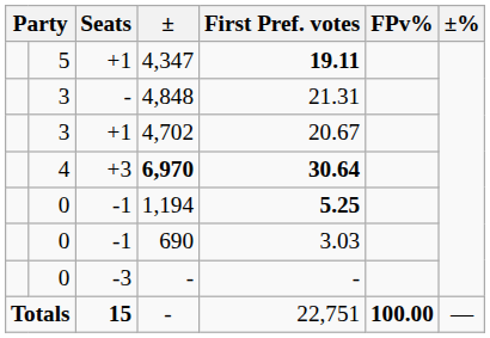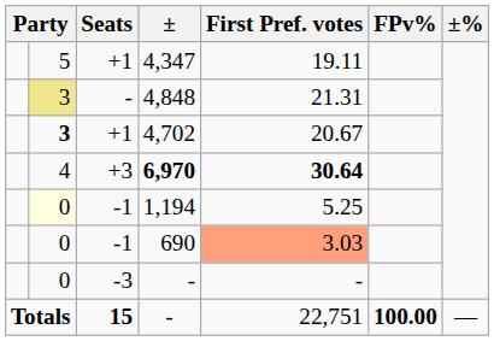 <table class=wikitable>
 <tr>
 <th colspan=2 align=center>Party</th>
 <th valign=top>Seats</th>
 <th valign=top>±</th>
 <th valign=top>First Pref. votes</th>
 <th valign=top>FPv%</th>
 <th valign=top>±%</th>
 </tr>
 <tr>
 <td></td>
 <td align=right>5</td>
 <td align=right>+1</td>
 <td align=right>4,347</td>
-<td align=right><strong>19.11</strong></td>
+<td align=right>19.11</td>
 <td align=right></td>
 </tr>
 <tr>
 <td></td>
-<td align=right>3</td>
+<td align=right style="background: khaki;">3</td>
 <td align=right>-</td>
 <td align=right>4,848</td>
 <td align=right>21.31</td>
 <td align=right></td>
 </tr>
 <tr>
 <td></td>
-<td align=right>3</td>
+<td align=right><strong>3</strong></td>
 <td align=right>+1</td>
 <td align=right>4,702</td>
 <td align=right>20.67</td>
 <td align=right></td>
 </tr>
 <tr>
 <td></td>
 <td align=right>4</td>
 <td align=right>+3</td>
 <td align=right><strong>6,970</strong></td>
 <td align=right><strong>30.64</strong></td>
 <td align=right></td>
 </tr>
 <tr>
 <td></td>
-<td align=right>0</td>
+<td align=right style="background: lightyellow;">0</td>
 <td align=right>-1</td>
 <td align=right>1,194</td>
-<td align=right><strong>5.25</strong></td>
+<td align=right>5.25</td>
 <td align=right></td>
 </tr>
 <tr>
 <td></td>
 <td align=right>0</td>
 <td align=right>-1</td>
 <td align=right>690</td>
-<td align=right>3.03</td>
+<td align=right style="background: lightsalmon;">3.03</td>
 <td align=right></td>
 </tr>
 <tr>
 <td></td>
 <td align=right>0</td>
 <td align=right>-3</td>
 <td align=right>-</td>
 <td align=right>-</td>
 <td align=right></td>
 </tr>
 <tr>
 <td colspan=2 align=center><strong>Totals</strong></td>
 <td align=right><strong>15</strong></td>
 <td align=center>-</td>
 <td align=right>22,751</td>
 <td align=center><strong>100.00</strong></td>
 <td align=center>—</td>
 </tr>
 </table>
